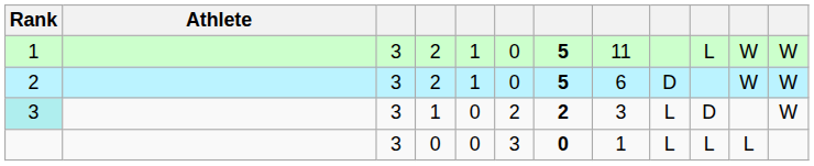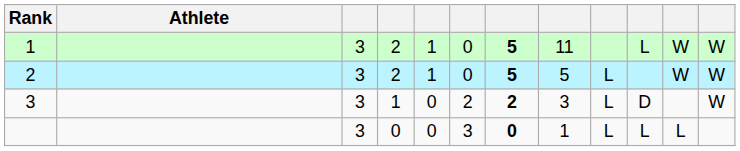 <table class="wikitable" style="text-align: center;">
 <tr>
 <th width=25>Rank</th>
 <th width=250>Athlete</th>
 <th width=25></th>
 <th width=25></th>
 <th width=25></th>
 <th width=25></th>
 <th width=40></th>
 <th width=40></th>
 <th width=25></th>
 <th width=25></th>
 <th width=25></th>
 <th width=25></th>
 </tr>
 <tr bgcolor=ccffcc>
 <td>1</td>
 <td align=left></td>
 <td>3</td>
 <td>2</td>
 <td>1</td>
 <td>0</td>
 <td><strong>5</strong></td>
 <td>11</td>
 <td></td>
 <td>L</td>
 <td>W</td>
 <td>W</td>
 </tr>
 <tr bgcolor=bbf3ff>
 <td>2</td>
 <td align=left></td>
 <td>3</td>
 <td>2</td>
 <td>1</td>
 <td>0</td>
 <td><strong>5</strong></td>
-<td>6</td>
-<td>D</td>
+<td>5</td>
+<td>L</td>
 <td></td>
 <td>W</td>
 <td>W</td>
 </tr>
 <tr>
-<td style="background: paleturquoise;">3</td>
+<td>3</td>
 <td align=left></td>
 <td>3</td>
 <td>1</td>
 <td>0</td>
 <td>2</td>
 <td><strong>2</strong></td>
 <td>3</td>
 <td>L</td>
 <td>D</td>
 <td></td>
 <td>W</td>
 </tr>
 <tr>
 <td></td>
 <td align=left></td>
 <td>3</td>
 <td>0</td>
 <td>0</td>
 <td>3</td>
 <td><strong>0</strong></td>
 <td>1</td>
 <td>L</td>
 <td>L</td>
 <td>L</td>
 <td></td>
 </tr>
 </table>
